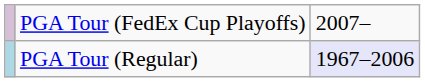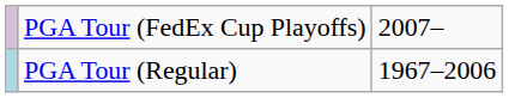 <table class="wikitable" style="font-size:95%">
 <tr>
 <td style="background:thistle"></td>
 <td><a href='#'>PGA Tour</a> (FedEx Cup Playoffs)</td>
 <td>2007–</td>
 </tr>
 <tr>
 <td style="background:lightblue"></td>
 <td><a href='#'>PGA Tour</a> (Regular)</td>
-<td style="background: lavender;">1967–2006</td>
+<td>1967–2006</td>
 </tr>
 </table>
